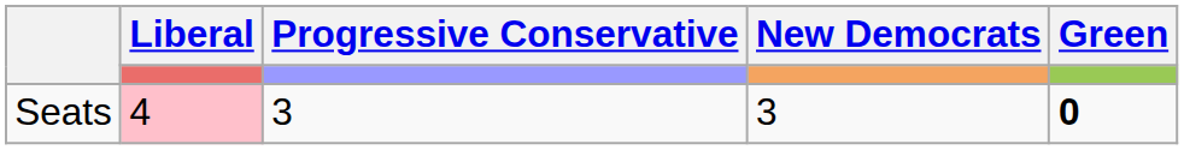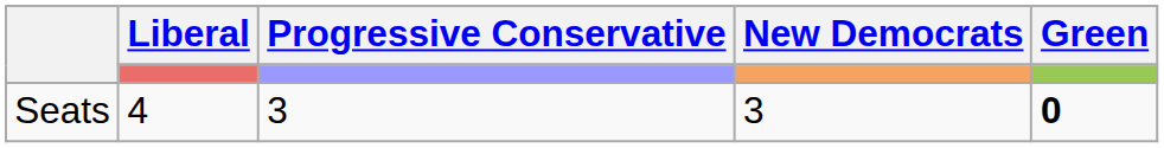 <table class="wikitable">
 <tr style="background-color:#E9E9E9" |>
 <th rowspan="2"></th>
 <th><a href='#'>Liberal</a></th>
 <th><a href='#'>Progressive Conservative</a></th>
 <th><a href='#'>New Democrats</a></th>
 <th><a href='#'>Green</a></th>
 </tr>
 <tr>
 <th style="background-color:#EA6D6A;"></th>
 <th style="background-color:#9999FF;"></th>
 <th style="background-color:#F4A460;"></th>
 <th style="background-color:#99C955;"></th>
 </tr>
 <tr>
 <td>Seats</td>
-<td style="background: pink;">4</td>
+<td>4</td>
 <td>3</td>
 <td>3</td>
 <td><strong>0</strong></td>
 </tr>
 </table>
